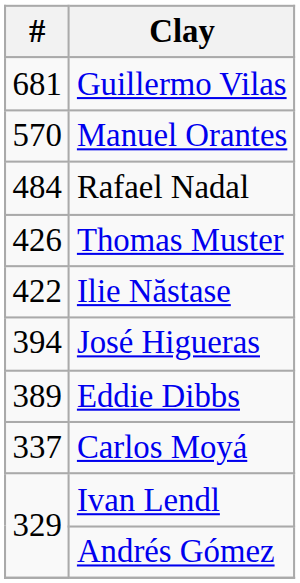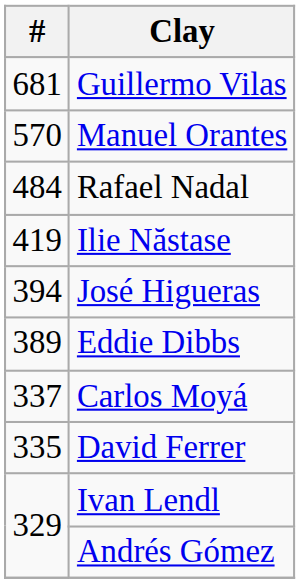 <table class="wikitable" style="display:inline-table;">
 <tr>
 <th width=20>#</th>
 <th>Clay</th>
 </tr>
 <tr>
 <td>681</td>
 <td> <a href='#'>Guillermo Vilas</a></td>
 </tr>
 <tr>
 <td>570</td>
 <td> <a href='#'>Manuel Orantes</a></td>
 </tr>
 <tr>
 <td>484</td>
 <td> Rafael Nadal</td>
 </tr>
 <tr>
-<td>426</td>
-<td> <a href='#'>Thomas Muster</a></td>
-</tr>
-<tr>
-<td>422</td>
+<td>419</td>
 <td> <a href='#'>Ilie Năstase</a></td>
 </tr>
 <tr>
 <td>394</td>
 <td> <a href='#'>José Higueras</a></td>
 </tr>
 <tr>
 <td>389</td>
 <td> <a href='#'>Eddie Dibbs</a></td>
 </tr>
 <tr>
 <td>337</td>
 <td> <a href='#'>Carlos Moyá</a></td>
 </tr>
 <tr>
+<td>335</td>
+<td> <a href='#'>David Ferrer</a></td>
+</tr>
+<tr>
 <td rowspan="2">329</td>
 <td> <a href='#'>Ivan Lendl</a></td>
 </tr>
 <tr>
 <td> <a href='#'>Andrés Gómez</a></td>
 </tr>
 <tr>
 </tr>
 </table>
